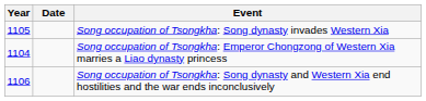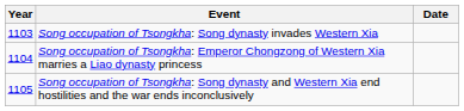 <table class="wikitable" width="100%">
 <tr>
 <th style="width:6%">Year</th>
+<th>Event</th>
 <th style="width:10%">Date</th>
-<th>Event</th>
+</tr>
+<tr>
+<td><a href='#'>1103</a></td>
+<td><em><a href='#'>Song occupation of Tsongkha</a></em>: <a href='#'>Song dynasty</a> invades <a href='#'>Western Xia</a></td>
+<td></td>
+</tr>
+<tr>
+<td><a href='#'>1104</a></td>
+<td><em><a href='#'>Song occupation of Tsongkha</a></em>: <a href='#'>Emperor Chongzong of Western Xia</a> marries a <a href='#'>Liao dynasty</a> princess</td>
+<td></td>
 </tr>
 <tr>
 <td><a href='#'>1105</a></td>
+<td><em><a href='#'>Song occupation of Tsongkha</a></em>: <a href='#'>Song dynasty</a> and <a href='#'>Western Xia</a> end hostilities and the war ends inconclusively</td>
 <td></td>
-<td><em><a href='#'>Song occupation of Tsongkha</a></em>: <a href='#'>Song dynasty</a> invades <a href='#'>Western Xia</a></td>
-</tr>
-<tr>
-<td><a href='#'>1104</a></td>
-<td></td>
-<td><em><a href='#'>Song occupation of Tsongkha</a></em>: <a href='#'>Emperor Chongzong of Western Xia</a> marries a <a href='#'>Liao dynasty</a> princess</td>
-</tr>
-<tr>
-<td><a href='#'>1106</a></td>
-<td></td>
-<td><em><a href='#'>Song occupation of Tsongkha</a></em>: <a href='#'>Song dynasty</a> and <a href='#'>Western Xia</a> end hostilities and the war ends inconclusively</td>
 </tr>
 </table>
